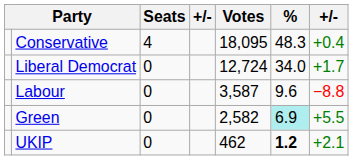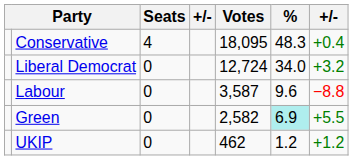 <table class="wikitable">
 <tr>
 <th colspan="2">Party</th>
 <th>Seats</th>
 <th>+/-</th>
 <th>Votes</th>
 <th>%</th>
 <th>+/-</th>
 </tr>
 <tr>
 <td style="background-color: "></td>
 <td><a href='#'>Conservative</a></td>
 <td>4</td>
 <td></td>
 <td>18,095</td>
 <td>48.3</td>
 <td style="color:green">+0.4</td>
 </tr>
 <tr>
 <td style="background-color: "></td>
 <td><a href='#'>Liberal Democrat</a></td>
 <td>0</td>
 <td></td>
 <td>12,724</td>
 <td>34.0</td>
-<td style="color:green">+1.7</td>
+<td style="color:green">+3.2</td>
 </tr>
 <tr>
 <td style="background-color: "></td>
 <td><a href='#'>Labour</a></td>
 <td>0</td>
 <td></td>
 <td>3,587</td>
 <td>9.6</td>
 <td style="color:red">−8.8</td>
 </tr>
 <tr>
 <td style="background-color: "></td>
 <td><a href='#'>Green</a></td>
 <td>0</td>
 <td></td>
 <td>2,582</td>
 <td style="background: paleturquoise;">6.9</td>
 <td style="color:green">+5.5</td>
 </tr>
 <tr>
 <td style="background-color: "></td>
 <td><a href='#'>UKIP</a></td>
 <td>0</td>
 <td></td>
 <td>462</td>
-<td><strong>1.2</strong></td>
-<td style="color:green">+2.1</td>
+<td>1.2</td>
+<td style="color:green">+1.2</td>
 </tr>
 </table>
